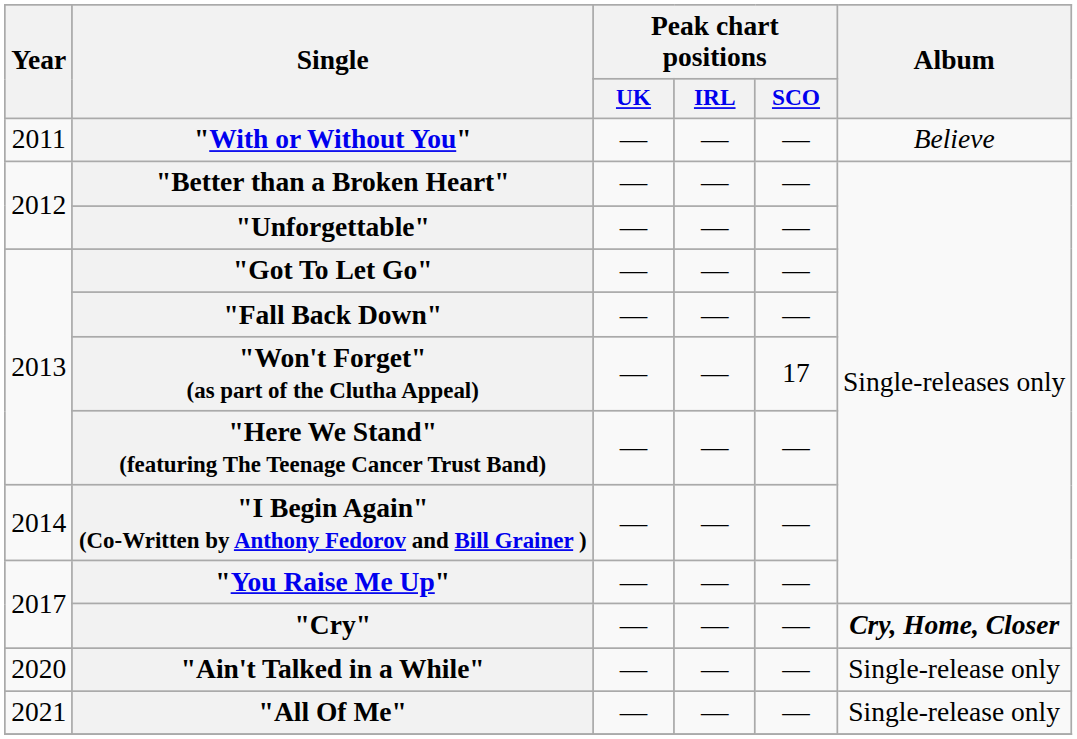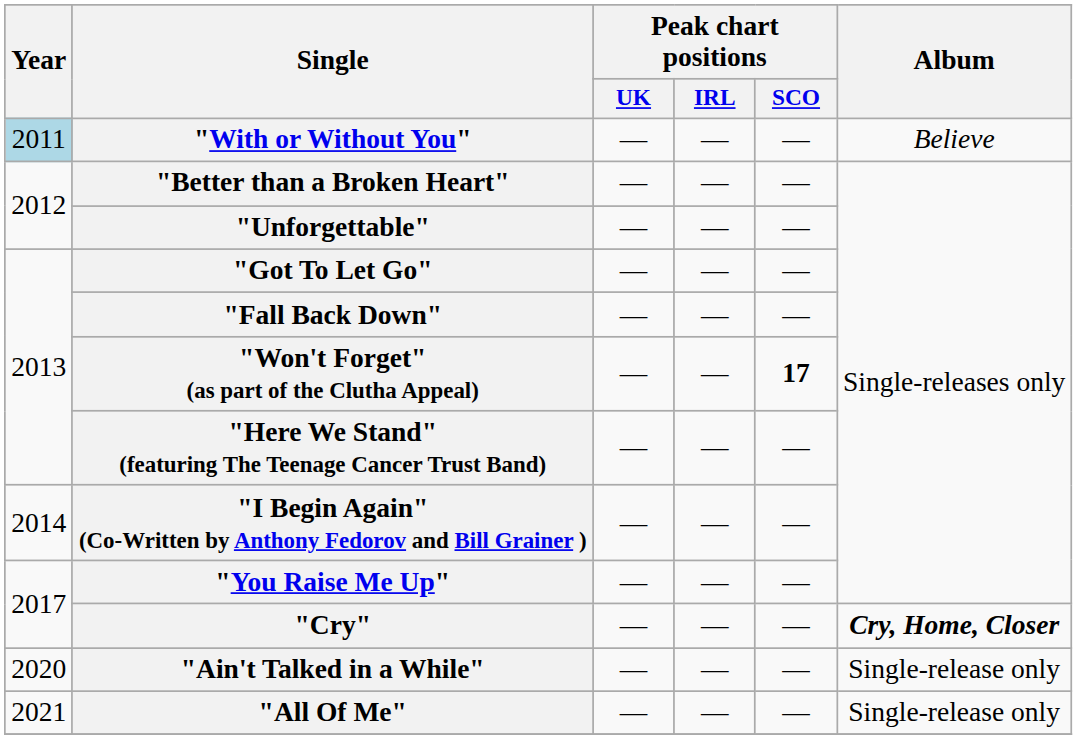 <table class="wikitable plainrowheaders" style="text-align:center;">
 <tr>
 <th scope="col" rowspan="2">Year</th>
 <th scope="col" rowspan="2">Single</th>
 <th scope="col" colspan="3">Peak chart positions</th>
 <th scope="col" rowspan="2">Album</th>
 </tr>
 <tr>
 <th scope="col" style="width:3em;font-size:85%;"><a href='#'>UK</a></th>
 <th scope="col" style="width:3em;font-size:85%;"><a href='#'>IRL</a></th>
 <th scope="col" style="width:3em;font-size:85%;"><a href='#'>SCO</a> <br></th>
 </tr>
 <tr>
-<td>2011</td>
+<td style="background: lightblue;">2011</td>
 <th scope="row">"<a href='#'>With or Without You</a>"</th>
 <td>—</td>
 <td>—</td>
 <td>—</td>
 <td><em>Believe</em></td>
 </tr>
 <tr>
 <td rowspan=2>2012</td>
 <th scope="row">"Better than a Broken Heart"</th>
 <td>—</td>
 <td>—</td>
 <td>—</td>
 <td rowspan="8">Single-releases only</td>
 </tr>
 <tr>
 <th scope="row">"Unforgettable"</th>
 <td>—</td>
 <td>—</td>
 <td>—</td>
 </tr>
 <tr>
 <td rowspan="4">2013</td>
 <th scope="row">"Got To Let Go"</th>
 <td>—</td>
 <td>—</td>
 <td>—</td>
 </tr>
 <tr>
 <th scope="row">"Fall Back Down"</th>
 <td>—</td>
 <td>—</td>
 <td>—</td>
 </tr>
 <tr>
 <th scope="row">"Won't Forget" <br> <small>(as part of the Clutha Appeal)</small></th>
 <td>—</td>
 <td>—</td>
-<td>17</td>
+<td><strong>17</strong></td>
 </tr>
 <tr>
 <th scope="row">"Here We Stand" <br> <small>(featuring The Teenage Cancer Trust Band)</small></th>
 <td>—</td>
 <td>—</td>
 <td>—</td>
 </tr>
 <tr>
 <td>2014</td>
 <th scope="row">"I Begin Again" <br> <small>(Co-Written by <a href='#'>Anthony Fedorov</a> and <a href='#'>Bill Grainer</a> )</small></th>
 <td>—</td>
 <td>—</td>
 <td>—</td>
 </tr>
 <tr>
 <td rowspan="2">2017</td>
 <th scope="row">"<a href='#'>You Raise Me Up</a>"</th>
 <td>—</td>
 <td>—</td>
 <td>—</td>
 </tr>
 <tr>
 <th scope="row">"Cry"</th>
 <td>—</td>
 <td>—</td>
 <td>—</td>
 <td><strong><em>Cry, Home, Closer</em></strong></td>
 </tr>
 <tr>
 <td>2020</td>
 <th scope="row">"Ain't Talked in a While"</th>
 <td>—</td>
 <td>—</td>
 <td>—</td>
 <td>Single-release only</td>
 </tr>
 <tr>
 <td>2021</td>
 <th scope="row">"All Of Me"</th>
 <td>—</td>
 <td>—</td>
 <td>—</td>
 <td>Single-release only</td>
 </tr>
 <tr>
 </tr>
 </table>
